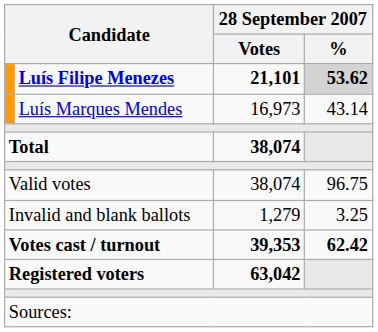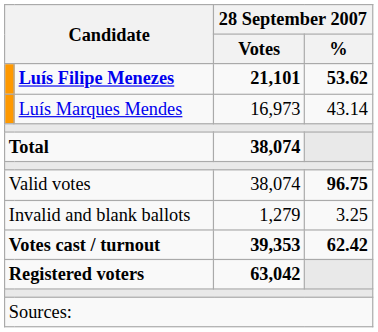 <table class="wikitable" style="text-align:right; font-size:97%;">
 <tr>
 <th rowspan="2" colspan="2" width="170">Candidate</th>
 <th colspan="2">28 September 2007</th>
 </tr>
 <tr>
 <th width="70">Votes</th>
 <th width="50">%</th>
 </tr>
 <tr>
 <td style="color:inherit;background:#FF9900"></td>
 <td align="left"><strong><a href='#'>Luís Filipe Menezes</a></strong></td>
 <td><strong>21,101</strong></td>
-<td style="background: lightgrey;"><strong>53.62</strong></td>
+<td><strong>53.62</strong></td>
 </tr>
 <tr>
 <td style="color:inherit;background:#FF9900"></td>
 <td align="left"><a href='#'>Luís Marques Mendes</a></td>
 <td>16,973</td>
 <td>43.14</td>
 </tr>
 <tr>
 <td colspan="4" bgcolor="#E9E9E9"></td>
 </tr>
 <tr style="font-weight:bold;">
 <td align="left" colspan="2">Total</td>
 <td>38,074</td>
 <td bgcolor="#E9E9E9"></td>
 </tr>
 <tr>
 <td colspan="4" bgcolor="#E9E9E9"></td>
 </tr>
 <tr>
 <td align="left" colspan="2">Valid votes</td>
 <td>38,074</td>
-<td>96.75</td>
+<td><strong>96.75</strong></td>
 </tr>
 <tr>
 <td align="left" colspan="2">Invalid and blank ballots</td>
 <td>1,279</td>
 <td>3.25</td>
 </tr>
 <tr style="font-weight:bold;">
 <td align="left" colspan="2">Votes cast / turnout</td>
 <td>39,353</td>
 <td>62.42</td>
 </tr>
 <tr style="font-weight:bold;">
 <td align="left" colspan="2">Registered voters</td>
 <td>63,042</td>
 <td bgcolor="#E9E9E9"></td>
 </tr>
 <tr>
 <td colspan="4" bgcolor="#E9E9E9"></td>
 </tr>
 <tr>
 <td align="left" colspan="6">Sources: </td>
 </tr>
 </table>
